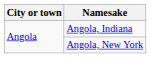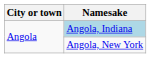 <table class="wikitable">
 <tr>
 <th>City or town</th>
 <th>Namesake</th>
 </tr>
 <tr>
 <td rowspan=2><a href='#'>Angola</a></td>
-<td><a href='#'>Angola, Indiana</a></td>
+<td style="background: lightblue;"><a href='#'>Angola, Indiana</a></td>
 </tr>
 <tr>
 <td><a href='#'>Angola, New York</a></td>
 </tr>
 </table>
